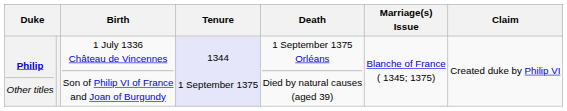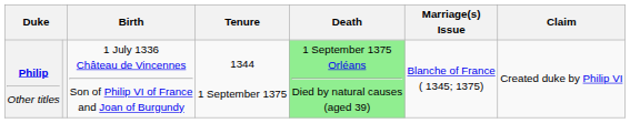 <table class="wikitable" style="line-height:1.4em; text-align:center">
 <tr>
 <th colspan=2>Duke</th>
 <th>Birth</th>
 <th>Tenure</th>
 <th>Death</th>
 <th>Marriage(s)<br>Issue</th>
 <th>Claim</th>
 </tr>
 <tr>
 <th style="font-weight:normal"><br><strong><a href='#'>Philip</a></strong><hr><em>Other titles</em><br></th>
 <th style="font-weight:normal"></th>
 <td>1 July 1336<br><a href='#'>Château de Vincennes</a><hr>Son of <a href='#'>Philip VI of France</a><br>and <a href='#'>Joan of Burgundy</a></td>
-<td style="background: lavender;">1344<br><br>1 September 1375</td>
-<td>1 September 1375<br><a href='#'>Orléans</a><hr>Died by natural causes<br>(aged 39)</td>
+<td>1344<br><br>1 September 1375</td>
+<td style="background: lightgreen;">1 September 1375<br><a href='#'>Orléans</a><hr>Died by natural causes<br>(aged 39)</td>
 <td><a href='#'>Blanche of France</a><br>( 1345;  1375)<br></td>
 <td>Created duke by <a href='#'>Philip VI</a></td>
 </tr>
 </table>
